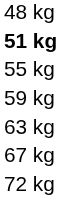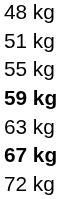 <table>
 <tr>
 <td>48 kg</td>
 <td></td>
 <td></td>
 <td></td>
 </tr>
 <tr>
-<td><strong>51 kg</strong></td>
+<td>51 kg</td>
 <td></td>
 <td></td>
 <td></td>
 </tr>
 <tr>
 <td>55 kg</td>
 <td></td>
 <td></td>
 <td></td>
 </tr>
 <tr>
-<td>59 kg</td>
+<td><strong>59 kg</strong></td>
 <td></td>
 <td></td>
 <td></td>
 </tr>
 <tr>
 <td>63 kg</td>
 <td></td>
 <td></td>
 <td></td>
 </tr>
 <tr>
-<td>67 kg</td>
+<td><strong>67 kg</strong></td>
 <td></td>
 <td></td>
 <td></td>
 </tr>
 <tr>
 <td>72 kg</td>
 <td></td>
 <td></td>
 <td></td>
 </tr>
 </table>
